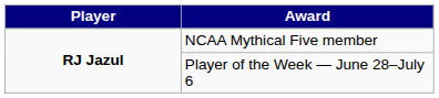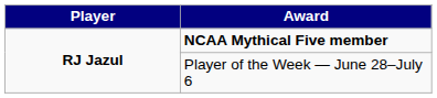 <table class="wikitable" style="text-align: left">
 <tr>
 <th style="color: white; background-color: #020080; width:180px">Player</th>
 <th style="color: white; background-color: #020080; width:260px">Award</th>
 </tr>
 <tr>
 <td rowspan="2" style="text-align:center;"><strong>RJ Jazul</strong></td>
-<td>NCAA Mythical Five member</td>
+<td><strong>NCAA Mythical Five member</strong></td>
 </tr>
 <tr>
 <td>Player of the Week — June 28–July 6</td>
 </tr>
 </table>
